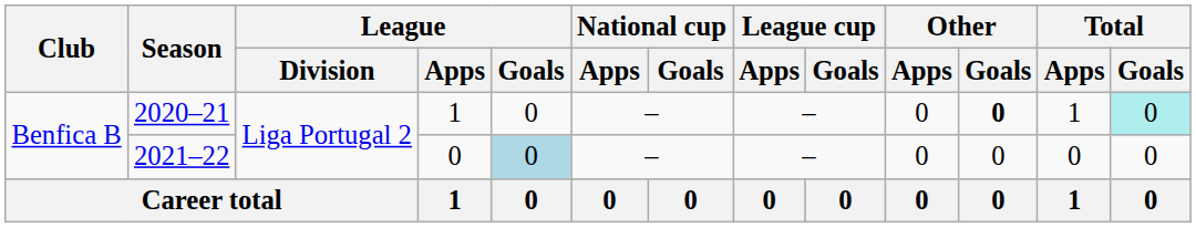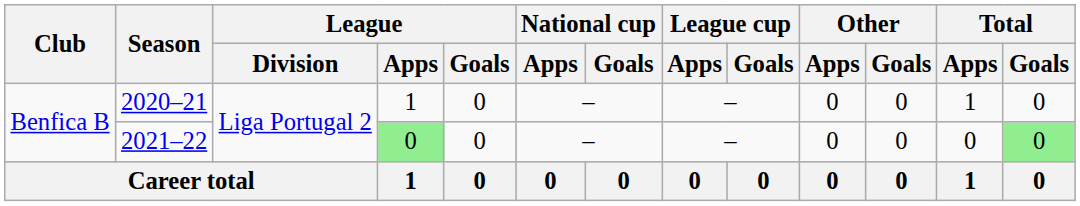 <table class="wikitable" style="text-align: center">
 <tr>
 <th rowspan="2">Club</th>
 <th rowspan="2">Season</th>
 <th colspan="3">League</th>
 <th colspan="2">National cup</th>
 <th colspan="2">League cup</th>
 <th colspan="2">Other</th>
 <th colspan="2">Total</th>
 </tr>
 <tr>
 <th>Division</th>
 <th>Apps</th>
 <th>Goals</th>
 <th>Apps</th>
 <th>Goals</th>
 <th>Apps</th>
 <th>Goals</th>
 <th>Apps</th>
 <th>Goals</th>
 <th>Apps</th>
 <th>Goals</th>
 </tr>
 <tr>
 <td rowspan="2"><a href='#'>Benfica B</a></td>
 <td><a href='#'>2020–21</a></td>
 <td rowspan="2"><a href='#'>Liga Portugal 2</a></td>
 <td>1</td>
 <td>0</td>
 <td colspan="2">–</td>
 <td colspan="2">–</td>
 <td>0</td>
-<td><strong>0</strong></td>
+<td>0</td>
 <td>1</td>
-<td style="background: paleturquoise;">0</td>
+<td>0</td>
 </tr>
 <tr>
 <td><a href='#'>2021–22</a></td>
+<td style="background: lightgreen;">0</td>
 <td>0</td>
-<td style="background: lightblue;">0</td>
 <td colspan="2">–</td>
 <td colspan="2">–</td>
 <td>0</td>
 <td>0</td>
 <td>0</td>
-<td>0</td>
+<td style="background: lightgreen;">0</td>
 </tr>
 <tr>
 <th colspan="3"><strong>Career total</strong></th>
 <th>1</th>
 <th>0</th>
 <th>0</th>
 <th>0</th>
 <th>0</th>
 <th>0</th>
 <th>0</th>
 <th>0</th>
 <th>1</th>
 <th>0</th>
 </tr>
 </table>
